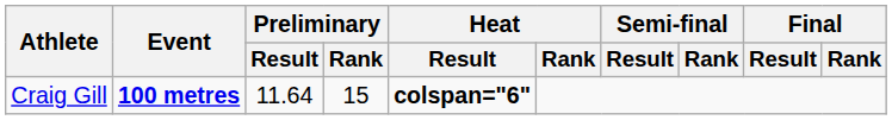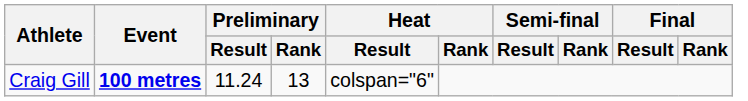 <table class=wikitable style=font-size:90%>
 <tr>
 <th rowspan=2>Athlete</th>
 <th rowspan=2>Event</th>
 <th colspan=2>Preliminary</th>
 <th colspan=2>Heat</th>
 <th colspan=2>Semi-final</th>
 <th colspan=2>Final</th>
 </tr>
 <tr style=font-size:95%>
 <th>Result</th>
 <th>Rank</th>
 <th>Result</th>
 <th>Rank</th>
 <th>Result</th>
 <th>Rank</th>
 <th>Result</th>
 <th>Rank</th>
 </tr>
 <tr align=center>
 <td align=left><a href='#'>Craig Gill</a></td>
 <td align=left><strong><a href='#'>100 metres</a></strong></td>
-<td>11.64 </td>
-<td>15</td>
-<td><strong>colspan="6" </strong></td>
+<td>11.24 </td>
+<td>13</td>
+<td>colspan="6" </td>
 </tr>
 </table>
